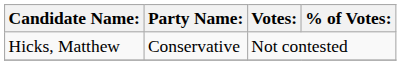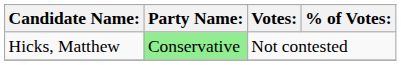 <table class="wikitable">
 <tr>
 <th>Candidate Name:</th>
 <th>Party Name:</th>
 <th>Votes:</th>
 <th>% of Votes:</th>
 </tr>
 <tr>
 <td>Hicks, Matthew</td>
-<td>Conservative</td>
+<td style="background: lightgreen;">Conservative</td>
 <td colspan=2>Not contested</td>
 </tr>
 <tr>
 </tr>
 </table>
